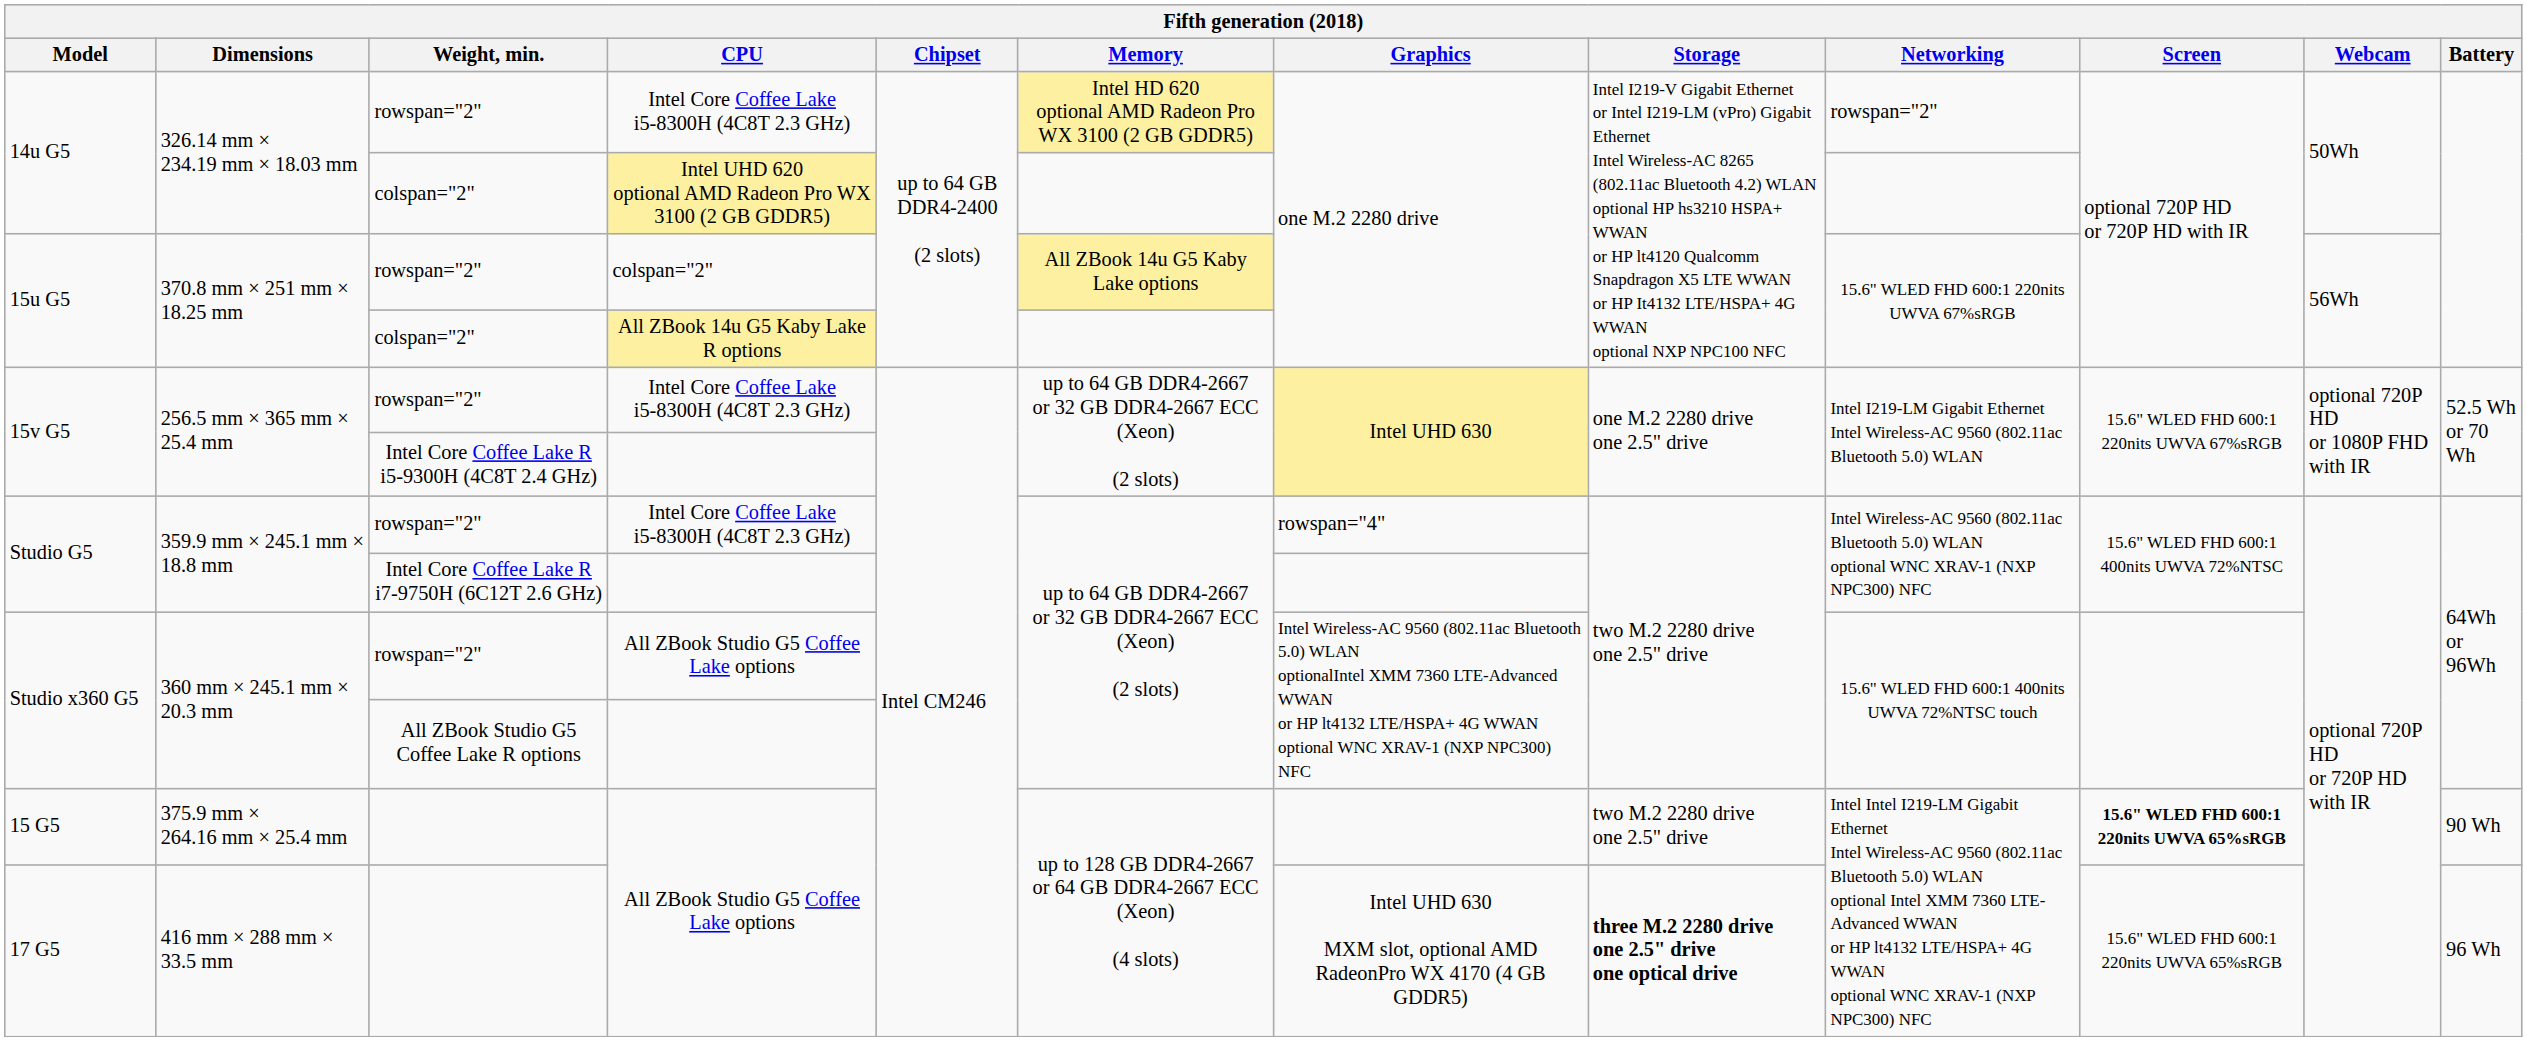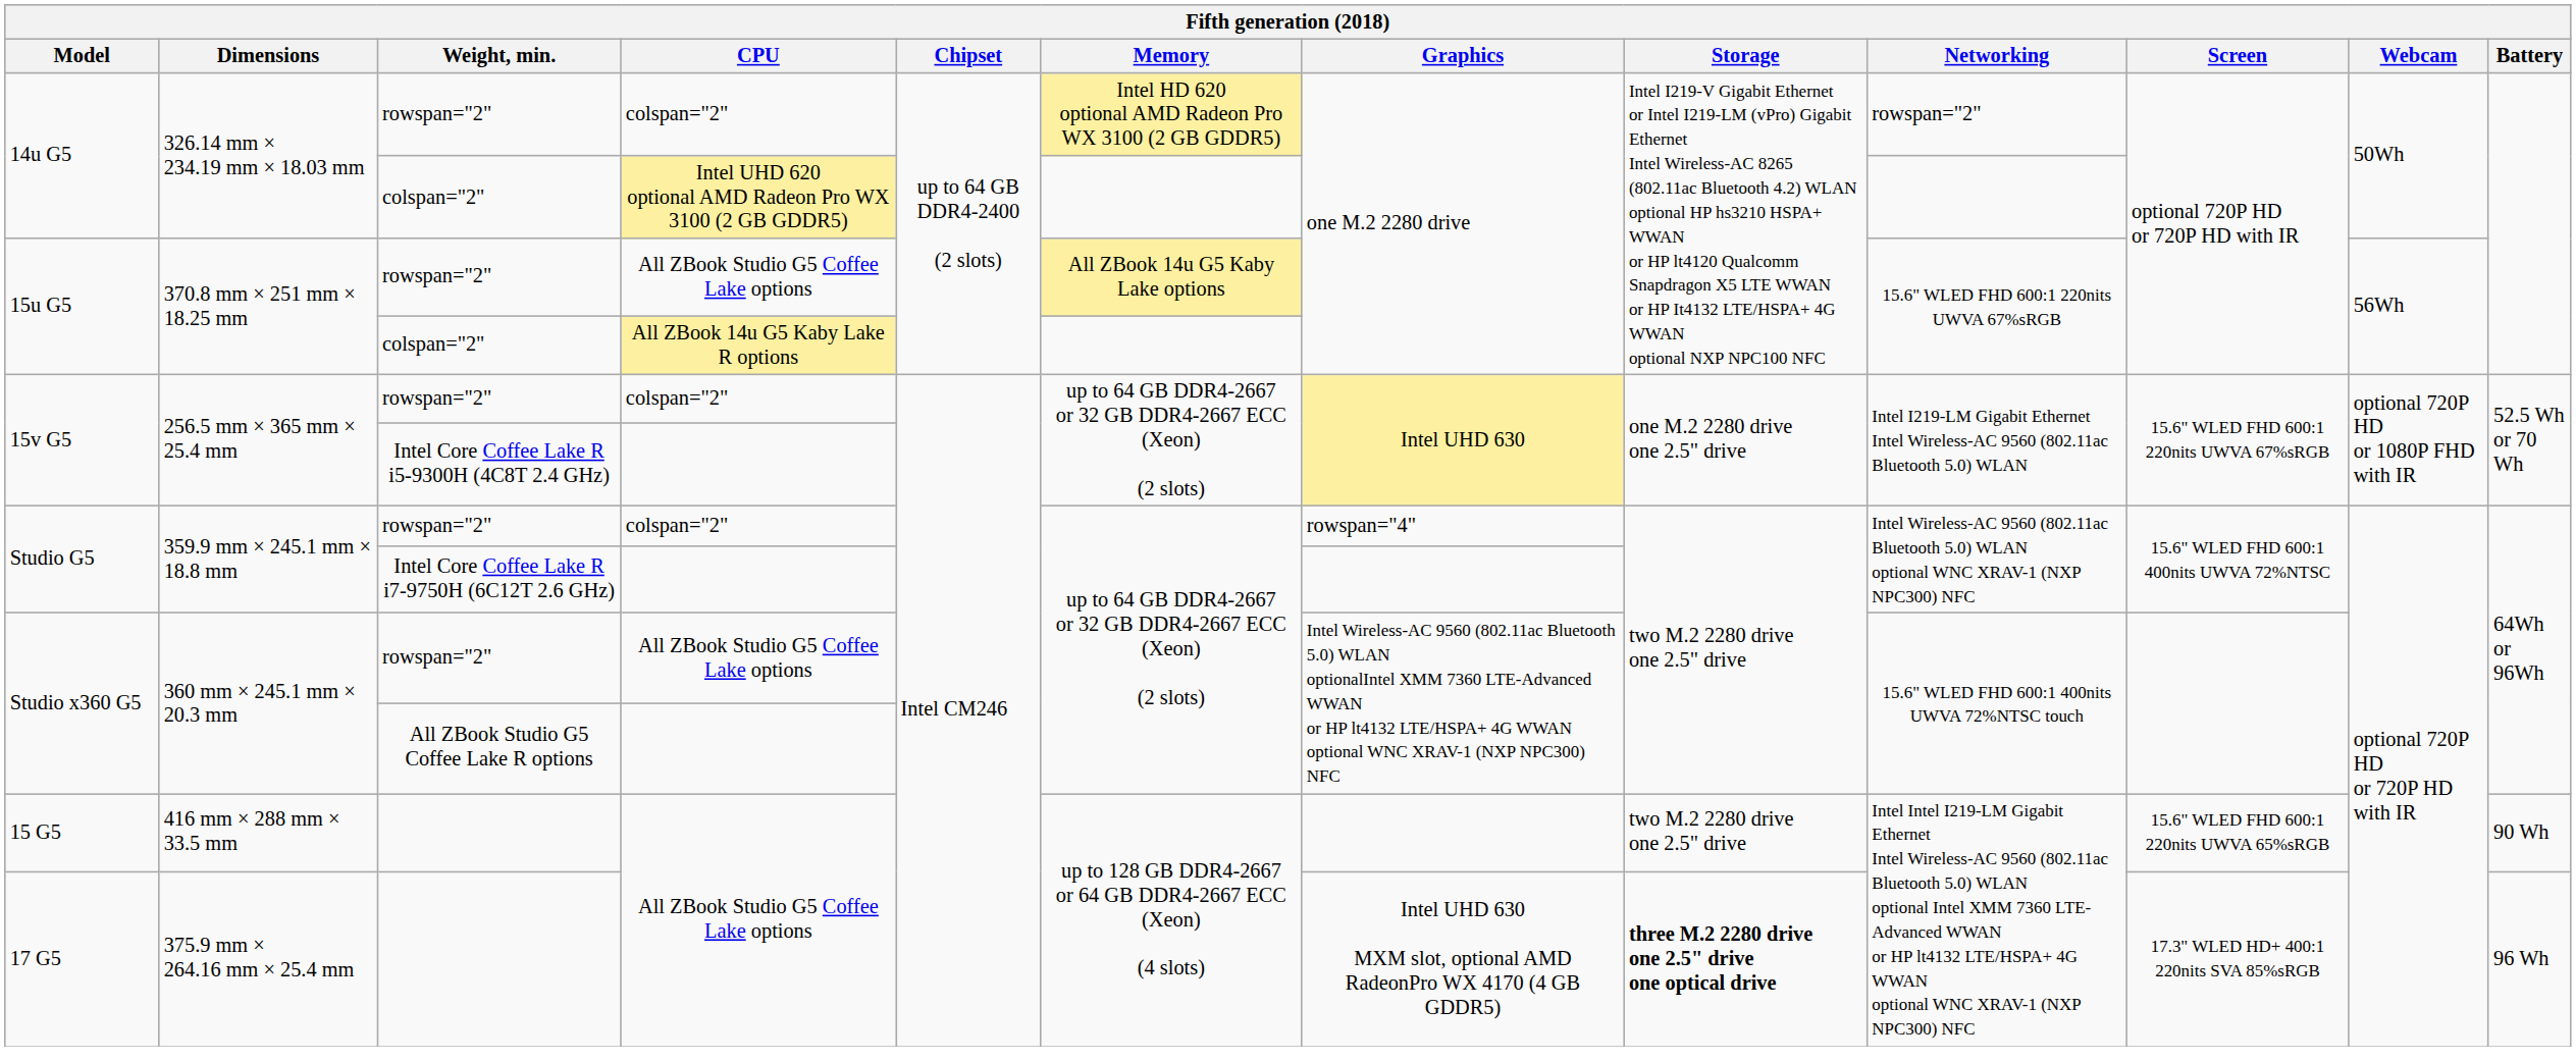 <table class="wikitable" style="font-size: 80%; width: 100%;">
 <tr>
 <th colspan="13">Fifth generation (2018)</th>
 </tr>
 <tr>
 <th width="6%">Model</th>
 <th>Dimensions</th>
 <th>Weight, min.</th>
 <th><a href='#'>CPU</a></th>
 <th><a href='#'>Chipset</a></th>
 <th><a href='#'>Memory</a></th>
 <th><a href='#'>Graphics</a></th>
 <th><a href='#'>Storage</a></th>
 <th><a href='#'>Networking</a></th>
 <th><a href='#'>Screen</a></th>
 <th><a href='#'>Webcam</a></th>
 <th>Battery</th>
 </tr>
 <tr>
 <td rowspan="2">14u G5 </td>
 <td rowspan="2">326.14 mm × 234.19 mm × 18.03 mm</td>
 <td>rowspan="2" </td>
-<td style="text-align:center;background:">Intel Core <a href='#'>Coffee Lake</a> <br> i5-8300H (4C8T 2.3 GHz)<br></td>
+<td>colspan="2" </td>
 <td rowspan="4" style="text-align:center;background:">up to 64 GB DDR4-2400<br><br>(2 slots)</td>
 <td style="text-align:center;background:#fdf1a1;">Intel HD 620<br>optional AMD Radeon Pro WX 3100 (2 GB GDDR5)</td>
 <td rowspan="4">one M.2 2280 drive</td>
 <td rowspan="4"><small>Intel I219-V Gigabit Ethernet<br><span>or Intel I219-LM (vPro) Gigabit Ethernet</span><br>Intel Wireless-AC 8265 (802.11ac Bluetooth 4.2) WLAN<br>optional HP hs3210 HSPA+ WWAN<br><span>or HP lt4120 Qualcomm Snapdragon X5 LTE WWAN<br>or HP It4132 LTE/HSPA+ 4G WWAN</span><br>optional NXP NPC100 NFC</small></td>
 <td>rowspan="2" </td>
 <td rowspan="4">optional 720P HD<br><span>or 720P HD with IR</span></td>
 <td rowspan="2">50Wh</td>
 </tr>
 <tr>
 <td>colspan="2" </td>
 <td style="text-align:center;background:#fdf1a1;">Intel UHD 620<br>optional AMD Radeon Pro WX 3100 (2 GB GDDR5)</td>
 </tr>
 <tr>
 <td rowspan="2">15u G5 </td>
 <td rowspan="2">370.8 mm × 251 mm × 18.25 mm</td>
 <td>rowspan="2" </td>
-<td>colspan="2" </td>
+<td style="text-align:center;background:">All ZBook Studio G5 <a href='#'>Coffee Lake</a> options</td>
 <td style="text-align:center;background:#fdf1a1;">All ZBook 14u G5 Kaby Lake options</td>
 <td rowspan="2" style="text-align:center;background:"><small>15.6" WLED FHD 600:1 220nits UWVA 67%sRGB<br></small></td>
 <td rowspan="2">56Wh</td>
 </tr>
 <tr>
 <td>colspan="2" </td>
 <td style="text-align:center;background:#fdf1a1;">All ZBook 14u G5 Kaby Lake R options</td>
 </tr>
 <tr>
 <td rowspan="2">15v G5 </td>
 <td rowspan="2">256.5 mm × 365 mm × 25.4 mm</td>
 <td>rowspan="2" </td>
-<td style="text-align:center;background:">Intel Core <a href='#'>Coffee Lake</a> <br> i5-8300H (4C8T 2.3 GHz)<br></td>
+<td>colspan="2" </td>
 <td rowspan="8">Intel CM246</td>
 <td rowspan="2" style="text-align:center;background:">up to 64 GB DDR4-2667 <br>or 32 GB DDR4-2667 ECC (Xeon)<br><br>(2 slots)</td>
 <td rowspan="2" style="text-align:center;background:#fdf1a1;">Intel UHD 630<br></td>
 <td rowspan="2">one M.2 2280 drive<br>one 2.5" drive</td>
 <td rowspan="2"><small>Intel I219-LM Gigabit Ethernet<br>Intel Wireless-AC 9560 (802.11ac Bluetooth 5.0) WLAN</small></td>
 <td rowspan="2" style="text-align:center;background:"><small>15.6" WLED FHD 600:1 220nits UWVA 67%sRGB<br></small></td>
 <td rowspan="2">optional 720P HD<br><span>or 1080P FHD with IR</span></td>
 <td rowspan="2">52.5 Wh<br><span>or 70 Wh</span></td>
 </tr>
 <tr>
 <td style="text-align:center;background:">Intel Core <a href='#'>Coffee Lake R</a> <br> i5-9300H (4C8T 2.4 GHz)<br></td>
 </tr>
 <tr>
 <td rowspan="2">Studio G5 </td>
 <td rowspan="2">359.9 mm × 245.1 mm × 18.8 mm</td>
 <td>rowspan="2" </td>
-<td style="text-align:center;background:">Intel Core <a href='#'>Coffee Lake</a> <br> i5-8300H (4C8T 2.3 GHz)<br></td>
+<td>colspan="2" </td>
 <td rowspan="4" style="text-align:center;background:">up to 64 GB DDR4-2667 <br>or 32 GB DDR4-2667 ECC (Xeon)<br><br>(2 slots)</td>
 <td>rowspan="4" </td>
 <td rowspan="4">two M.2 2280 drive<br>one 2.5" drive</td>
 <td rowspan="2"><small>Intel Wireless-AC 9560 (802.11ac Bluetooth 5.0) WLAN<br>optional WNC XRAV-1 (NXP NPC300) NFC</small></td>
 <td rowspan="2" style="text-align:center;background:"><small>15.6" WLED FHD 600:1 400nits UWVA 72%NTSC<br></small></td>
 <td rowspan="6">optional 720P HD<br><span>or 720P HD with IR</span></td>
 <td rowspan="4">64Wh<br><span>or 96Wh</span></td>
 </tr>
 <tr>
 <td style="text-align:center;background:">Intel Core <a href='#'>Coffee Lake R</a> <br> i7-9750H (6C12T 2.6 GHz)<br></td>
 </tr>
 <tr>
 <td rowspan="2">Studio x360 G5 </td>
 <td rowspan="2">360 mm × 245.1 mm × 20.3 mm</td>
 <td>rowspan="2" </td>
 <td style="text-align:center;background:">All ZBook Studio G5 <a href='#'>Coffee Lake</a> options</td>
 <td rowspan="2"><small>Intel Wireless-AC 9560 (802.11ac Bluetooth 5.0) WLAN<br>optionalIntel XMM 7360 LTE-Advanced WWAN<br><span>or HP lt4132 LTE/HSPA+ 4G WWAN</span><br>optional WNC XRAV-1 (NXP NPC300) NFC</small></td>
 <td rowspan="2" style="text-align:center;background:"><small>15.6" WLED FHD 600:1 400nits UWVA 72%NTSC touch<br></small></td>
 </tr>
 <tr>
 <td style="text-align:center;background:">All ZBook Studio G5 Coffee Lake R options</td>
 </tr>
 <tr>
 <td>15 G5 </td>
-<td>375.9 mm × 264.16 mm × 25.4 mm</td>
+<td>416 mm × 288 mm × 33.5 mm</td>
 <td></td>
 <td rowspan="2" style="text-align:center;background:">All ZBook Studio G5 <a href='#'>Coffee Lake</a> options</td>
 <td rowspan="2" style="text-align:center;background:">up to 128 GB DDR4-2667 <br>or 64 GB DDR4-2667 ECC (Xeon)<br><br>(4 slots)</td>
 <td></td>
 <td>two M.2 2280 drive<br>one 2.5" drive</td>
 <td rowspan="2"><small>Intel Intel I219-LM Gigabit Ethernet<br>Intel Wireless-AC 9560 (802.11ac Bluetooth 5.0) WLAN<br>optional Intel XMM 7360 LTE-Advanced WWAN<br><span>or HP lt4132 LTE/HSPA+ 4G WWAN</span><br>optional WNC XRAV-1 (NXP NPC300) NFC</small></td>
-<td style="text-align:center;background:"><strong><small>15.6" WLED FHD 600:1 220nits UWVA 65%sRGB<br></small></strong></td>
+<td style="text-align:center;background:"><small>15.6" WLED FHD 600:1 220nits UWVA 65%sRGB<br></small></td>
 <td>90 Wh</td>
 </tr>
 <tr>
 <td>17 G5 </td>
-<td>416 mm × 288 mm × 33.5 mm</td>
+<td>375.9 mm × 264.16 mm × 25.4 mm</td>
 <td></td>
 <td style="text-align:center;background:">Intel UHD 630<br><br>MXM slot, optional AMD RadeonPro WX 4170 (4 GB GDDR5)<br></td>
 <td><strong>three M.2 2280 drive<br>one 2.5" drive<br>one optical drive</strong></td>
-<td style="text-align:center;background:"><small>15.6" WLED FHD 600:1 220nits UWVA 65%sRGB<br></small></td>
+<td style="text-align:center;background:"><small>17.3" WLED HD+ 400:1 220nits SVA 85%sRGB<br></small></td>
 <td>96 Wh</td>
 </tr>
 </table>
